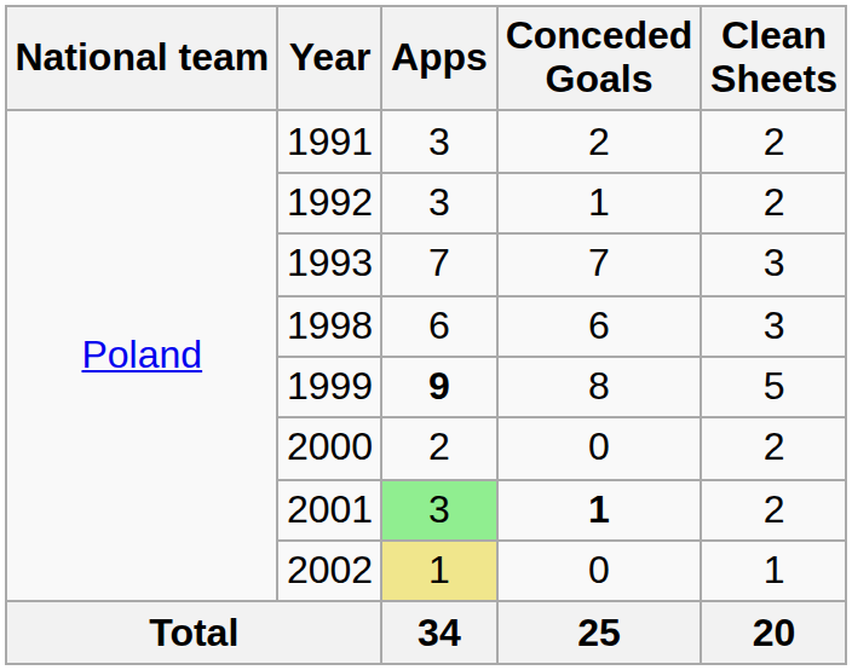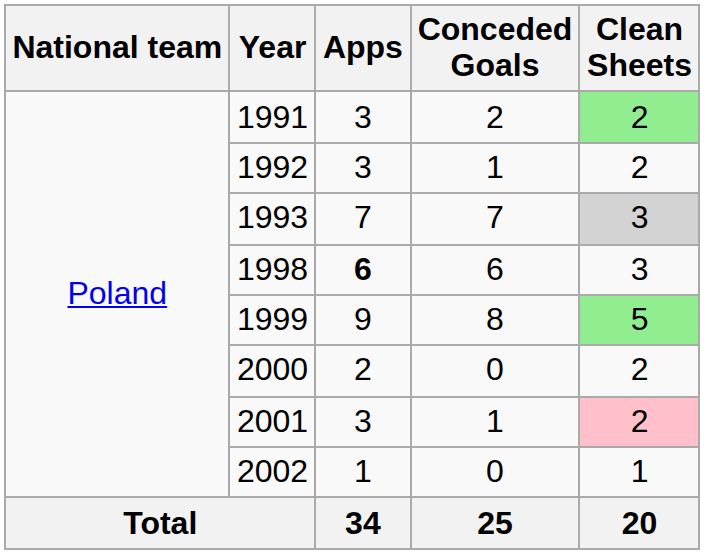 <table class="wikitable" style="text-align:center">
 <tr>
 <th>National team</th>
 <th>Year</th>
 <th>Apps</th>
 <th>Conceded<br>Goals</th>
 <th>Clean<br>Sheets</th>
 </tr>
 <tr>
 <td rowspan="8" style="vertical-align:center;"><a href='#'>Poland</a></td>
 <td>1991</td>
 <td>3</td>
 <td>2</td>
-<td>2</td>
+<td style="background: lightgreen;">2</td>
 </tr>
 <tr>
 <td>1992</td>
 <td>3</td>
 <td>1</td>
 <td>2</td>
 </tr>
 <tr>
 <td>1993</td>
 <td>7</td>
 <td>7</td>
-<td>3</td>
+<td style="background: lightgrey;">3</td>
 </tr>
 <tr>
 <td>1998</td>
-<td>6</td>
+<td><strong>6</strong></td>
 <td>6</td>
 <td>3</td>
 </tr>
 <tr>
 <td>1999</td>
-<td><strong>9</strong></td>
+<td>9</td>
 <td>8</td>
-<td>5</td>
+<td style="background: lightgreen;">5</td>
 </tr>
 <tr>
 <td>2000</td>
 <td>2</td>
 <td>0</td>
 <td>2</td>
 </tr>
 <tr>
 <td>2001</td>
-<td style="background: lightgreen;">3</td>
-<td><strong>1</strong></td>
-<td>2</td>
+<td>3</td>
+<td>1</td>
+<td style="background: pink;">2</td>
 </tr>
 <tr>
 <td>2002</td>
-<td style="background: khaki;">1</td>
+<td>1</td>
 <td>0</td>
 <td>1</td>
 </tr>
 <tr>
 <th colspan="2">Total</th>
 <th>34</th>
 <th>25</th>
 <th>20</th>
 </tr>
 </table>
